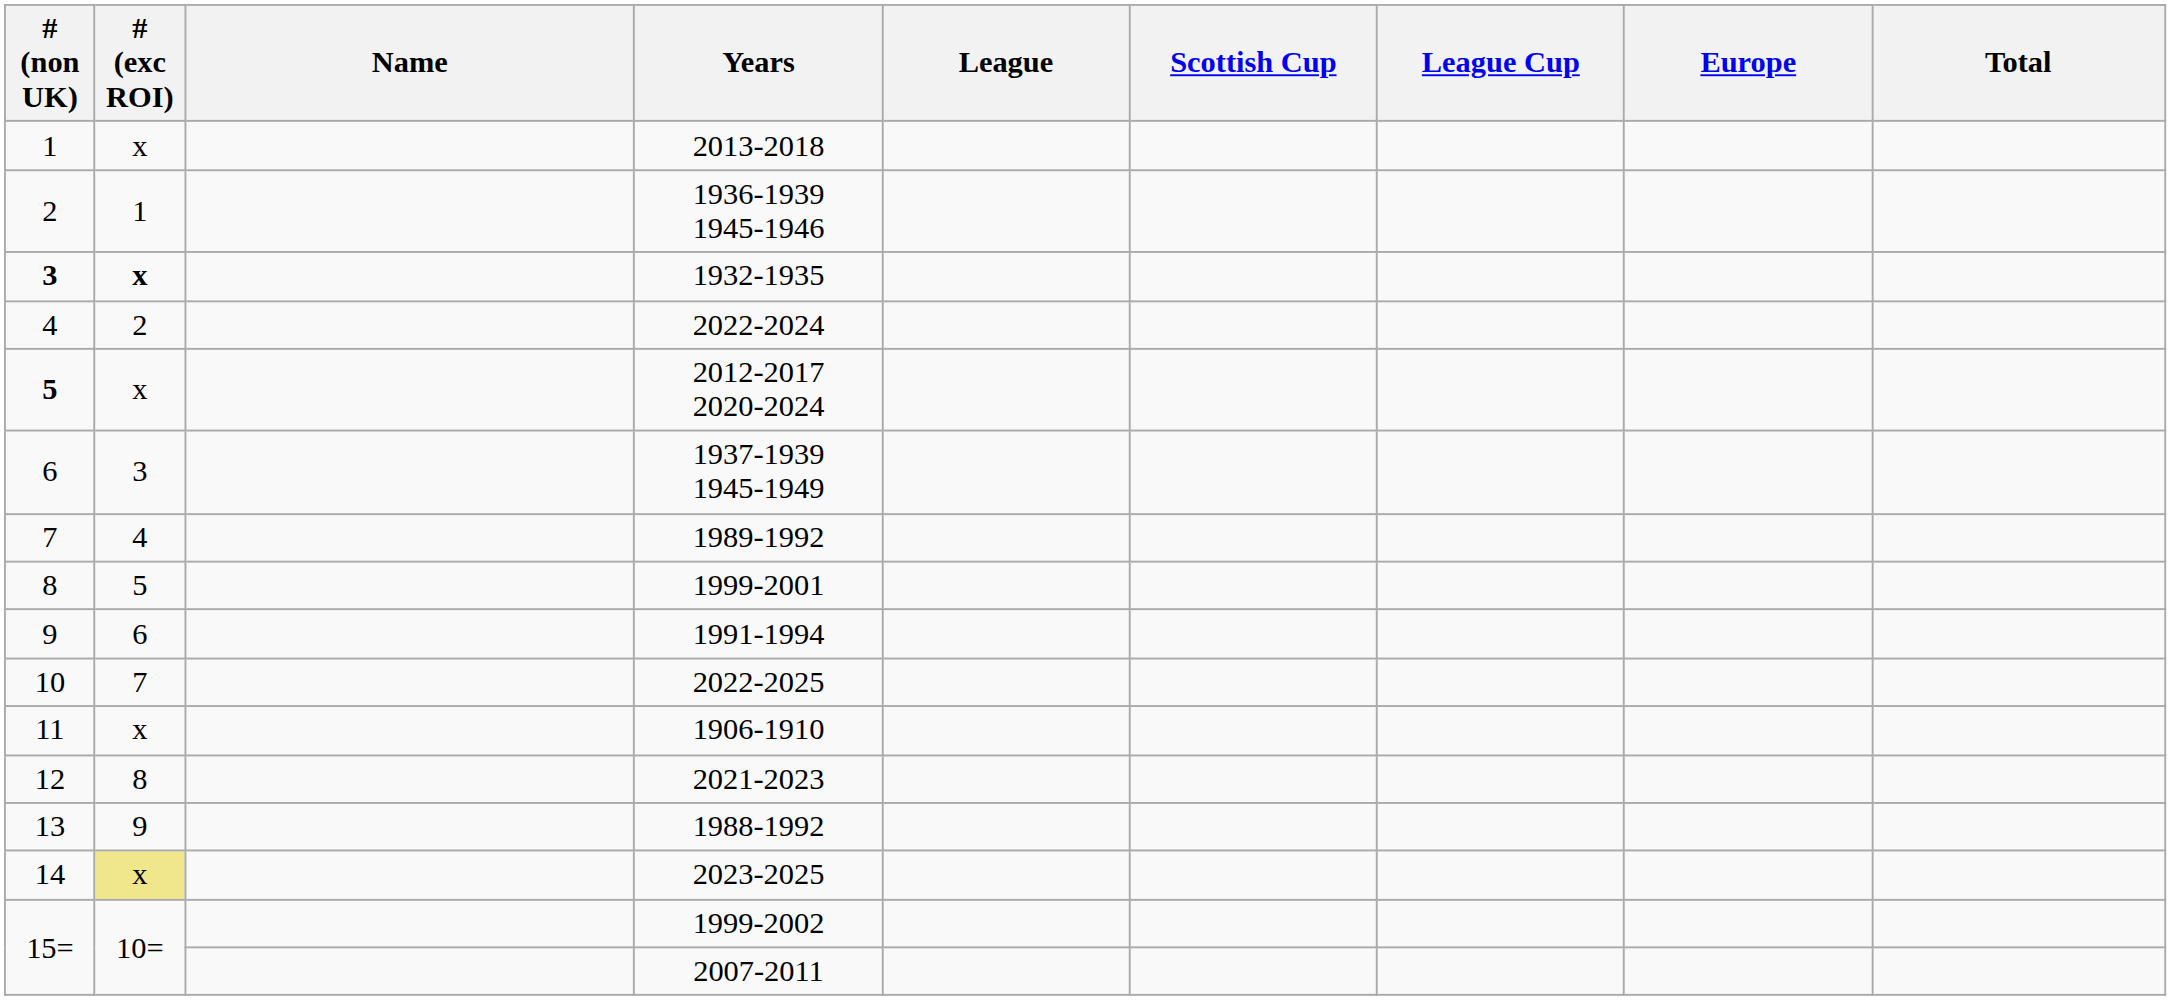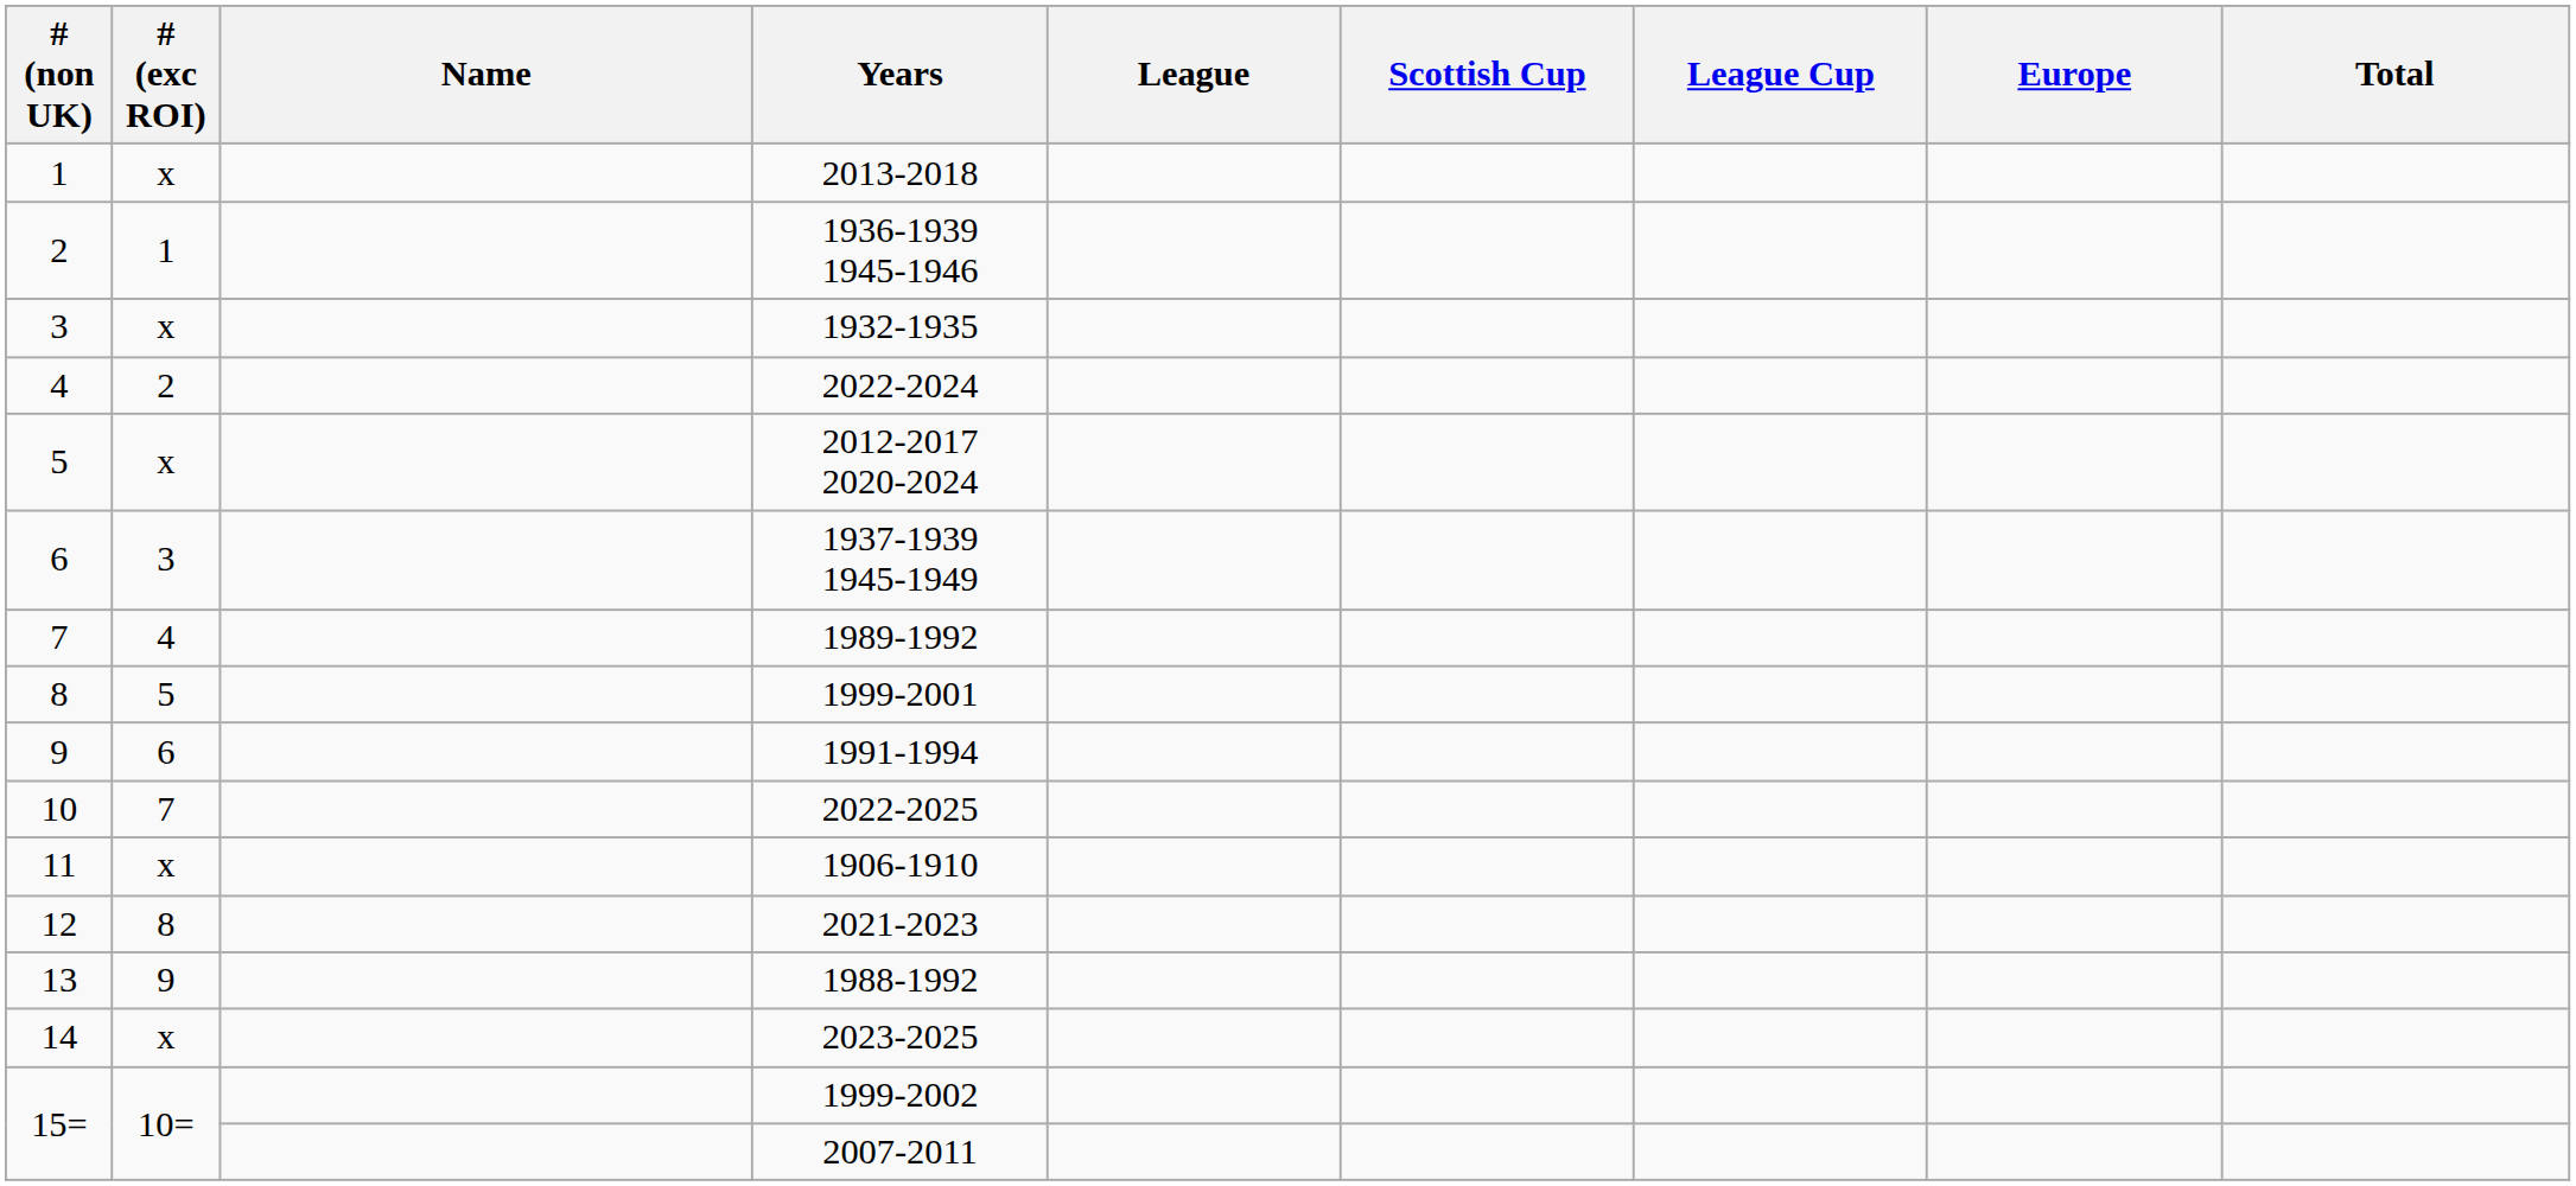 <table class="wikitable sortable" style="text-align:center; width:90%;">
 <tr>
 <th width=4%>#<br>(non UK)</th>
 <th width=4%>#<br>(exc ROI)</th>
 <th width=20%>Name</th>
 <th width=11%>Years</th>
 <th width=11%>League</th>
 <th width=11%><a href='#'>Scottish Cup</a></th>
 <th width=11%><a href='#'>League Cup</a></th>
 <th width=11%><a href='#'>Europe</a></th>
 <th width=13%>Total</th>
 </tr>
 <tr>
 <td>1</td>
 <td>x</td>
 <td align=left> </td>
 <td>2013-2018</td>
 <td></td>
 <td></td>
 <td></td>
 <td></td>
 <td></td>
 </tr>
 <tr>
 <td>2</td>
 <td>1</td>
 <td align=left>  </td>
 <td>1936-1939<br>1945-1946</td>
 <td></td>
 <td></td>
 <td></td>
 <td></td>
 <td></td>
 </tr>
 <tr>
-<td><strong>3</strong></td>
-<td><strong>x</strong></td>
+<td>3</td>
+<td>x</td>
 <td align=left> </td>
 <td>1932-1935</td>
 <td></td>
 <td></td>
 <td></td>
 <td></td>
 <td></td>
 </tr>
 <tr>
 <td>4</td>
 <td>2</td>
 <td align=left> </td>
 <td>2022-2024</td>
 <td></td>
 <td></td>
 <td></td>
 <td></td>
 <td></td>
 </tr>
 <tr>
-<td><strong>5</strong></td>
+<td>5</td>
 <td>x</td>
 <td align=left> </td>
 <td>2012-2017<br>2020-2024</td>
 <td></td>
 <td></td>
 <td></td>
 <td></td>
 <td></td>
 </tr>
 <tr>
 <td>6</td>
 <td>3</td>
 <td align=left>  </td>
 <td>1937-1939<br>1945-1949</td>
 <td></td>
 <td></td>
 <td></td>
 <td></td>
 <td></td>
 </tr>
 <tr>
 <td>7</td>
 <td>4</td>
 <td align=left> </td>
 <td>1989-1992</td>
 <td></td>
 <td></td>
 <td></td>
 <td></td>
 <td></td>
 </tr>
 <tr>
 <td>8</td>
 <td>5</td>
 <td align=left> </td>
 <td>1999-2001</td>
 <td></td>
 <td></td>
 <td></td>
 <td></td>
 <td></td>
 </tr>
 <tr>
 <td>9</td>
 <td>6</td>
 <td align=left> </td>
 <td>1991-1994</td>
 <td></td>
 <td></td>
 <td></td>
 <td></td>
 <td></td>
 </tr>
 <tr>
 <td>10</td>
 <td>7</td>
 <td align=left> </td>
 <td>2022-2025</td>
 <td></td>
 <td></td>
 <td></td>
 <td></td>
 <td></td>
 </tr>
 <tr>
 <td>11</td>
 <td>x</td>
 <td align=left> </td>
 <td>1906-1910</td>
 <td></td>
 <td></td>
 <td></td>
 <td></td>
 <td></td>
 </tr>
 <tr>
 <td>12</td>
 <td>8</td>
 <td align=left> </td>
 <td>2021-2023</td>
 <td></td>
 <td></td>
 <td></td>
 <td></td>
 <td></td>
 </tr>
 <tr>
 <td>13</td>
 <td>9</td>
 <td align=left> </td>
 <td>1988-1992</td>
 <td></td>
 <td></td>
 <td></td>
 <td></td>
 <td></td>
 </tr>
 <tr>
 <td>14</td>
-<td style="background: khaki;">x</td>
+<td>x</td>
 <td align=left> </td>
 <td>2023-2025</td>
 <td></td>
 <td></td>
 <td></td>
 <td></td>
 <td></td>
 </tr>
 <tr>
 <td rowspan="2">15=</td>
 <td rowspan="2">10=</td>
 <td align=left> </td>
 <td>1999-2002</td>
 <td></td>
 <td></td>
 <td></td>
 <td></td>
 <td></td>
 </tr>
 <tr>
 <td align=left> </td>
 <td>2007-2011</td>
 <td></td>
 <td></td>
 <td></td>
 <td></td>
 <td></td>
 </tr>
 </table>
